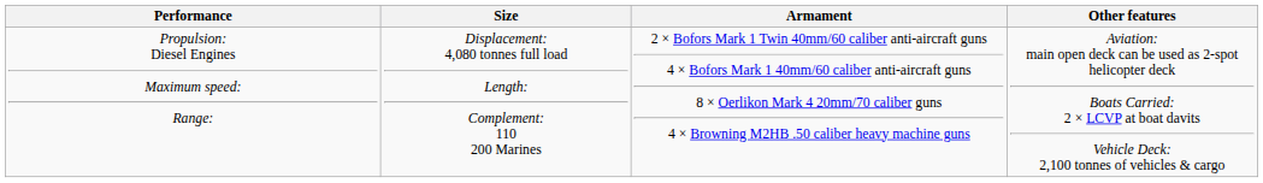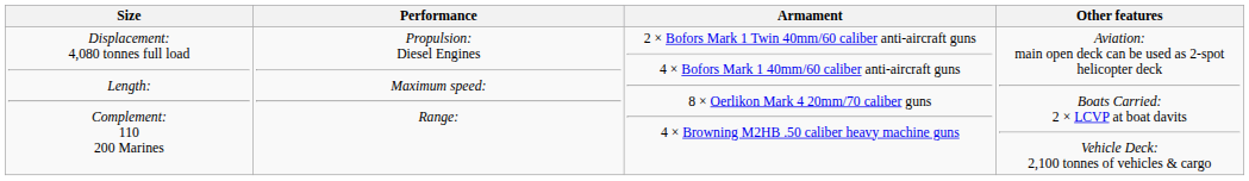 <table class="wikitable"  style="width:90%; text-align:center;">
 <tr style="background:lavender;">
+<th>Size</th>
 <th>Performance</th>
-<th>Size</th>
 <th>Armament</th>
 <th>Other features</th>
 </tr>
 <tr>
+<td style="vertical-align:top; width:20%;"><em>Displacement:</em><br>4,080 tonnes full load <hr><em>Length:</em><br> <hr><em>Complement:</em><br>110 <br>200 Marines</td>
 <td style="vertical-align:top; width:30%;"><em>Propulsion:</em><br>Diesel Engines <hr><em>Maximum speed:</em><br> <hr><em>Range:</em><br></td>
-<td style="vertical-align:top; width:20%;"><em>Displacement:</em><br>4,080 tonnes full load <hr><em>Length:</em><br> <hr><em>Complement:</em><br>110 <br>200 Marines</td>
 <td style="vertical-align:top; width:30%;">2 × <a href='#'>Bofors Mark 1 Twin 40mm/60 caliber</a> anti-aircraft guns <hr>4 × <a href='#'>Bofors Mark 1 40mm/60 caliber</a> anti-aircraft guns <hr>8 × <a href='#'>Oerlikon Mark 4 20mm/70 caliber</a> guns <hr>4 × <a href='#'>Browning M2HB .50 caliber heavy machine guns</a></td>
 <td style="vertical-align:top; width:20%;"><em>Aviation:</em><br>main open deck can be used as 2-spot helicopter deck<hr><em>Boats Carried:</em><br>2 × <a href='#'>LCVP</a> at boat davits <hr><em>Vehicle Deck:</em><br>2,100 tonnes of vehicles & cargo</td>
 </tr>
 </table>
